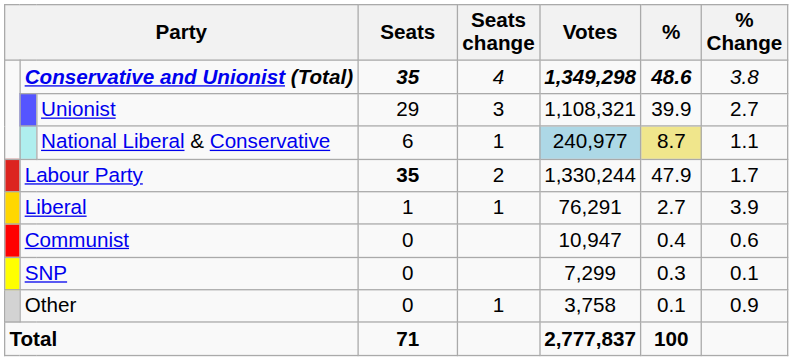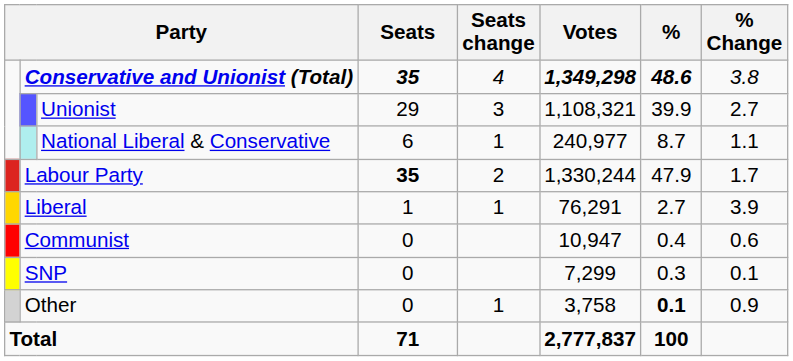 <table class="wikitable sortable">
 <tr>
 <th style="width:200px" colspan=3>Party</th>
 <th style="width:70px;">Seats</th>
 <th style="width:40px;">Seats change</th>
 <th style="width:40px;">Votes</th>
 <th style="width:40px;">%</th>
 <th style="width:40px;">% Change</th>
 </tr>
 <tr>
 <td rowspan= 3> </td>
 <td colspan=2><strong><em><a href='#'>Conservative and Unionist</a> (Total)</em></strong></td>
 <td align=center><strong><em>35</em></strong></td>
 <td align=center><em>4</em></td>
 <td align=center><strong><em>1,349,298</em></strong></td>
 <td align=center><strong><em>48.6</em></strong></td>
 <td align=center><em>3.8</em></td>
 </tr>
 <tr>
 <td style="background-color:#5555FF"> </td>
 <td><a href='#'>Unionist</a></td>
 <td align="center">29</td>
 <td align="center"> 3</td>
 <td align="center">1,108,321</td>
 <td align="center">39.9</td>
 <td align="center"> 2.7</td>
 </tr>
 <tr>
 <td style="background-color:#AFEEEE"> </td>
 <td><a href='#'>National Liberal</a> & <a href='#'>Conservative</a></td>
 <td align="center">6</td>
 <td align="center">1</td>
-<td align="center" style="background: lightblue;">240,977</td>
-<td align="center" style="background: khaki;">8.7</td>
+<td align="center">240,977</td>
+<td align="center">8.7</td>
 <td align="center"> 1.1</td>
 </tr>
 <tr>
 <td style="background-color:#DC241f"> </td>
 <td colspan=2><a href='#'>Labour Party</a></td>
 <td align=center><strong>35</strong></td>
 <td align=center> 2</td>
 <td align=center>1,330,244</td>
 <td align=center>47.9</td>
 <td align=center> 1.7</td>
 </tr>
 <tr>
 <td style="background-color:#FFD700"> </td>
 <td colspan=2><a href='#'>Liberal</a></td>
 <td align=center>1</td>
 <td align=center> 1</td>
 <td align=center>76,291</td>
 <td align=center>2.7</td>
 <td align=center> 3.9</td>
 </tr>
 <tr>
 <td style="background-color:#FF0000"> </td>
 <td colspan=2><a href='#'>Communist</a></td>
 <td align=center>0</td>
 <td align=center></td>
 <td align=center>10,947</td>
 <td align=center>0.4</td>
 <td align=center> 0.6</td>
 </tr>
 <tr>
 <td style="background-color:#FFFF00"> </td>
 <td colspan=2><a href='#'>SNP</a></td>
 <td align=center>0</td>
 <td align=center></td>
 <td align=center>7,299</td>
 <td align=center>0.3</td>
 <td align=center> 0.1</td>
 </tr>
 <tr>
 <td style="background-color:#D3D3D3"> </td>
 <td colspan=2>Other</td>
 <td align=center>0</td>
 <td align=center> 1</td>
 <td align=center>3,758</td>
-<td align=center>0.1</td>
+<td align=center><strong>0.1</strong></td>
 <td align=center> 0.9</td>
 </tr>
 <tr>
 <td colspan=3><strong>Total</strong></td>
 <td align=center><strong>71</strong></td>
 <td align=center></td>
 <td align=center><strong>2,777,837</strong></td>
 <td align=center><strong>100</strong></td>
 <td align=center></td>
 </tr>
 </table>
